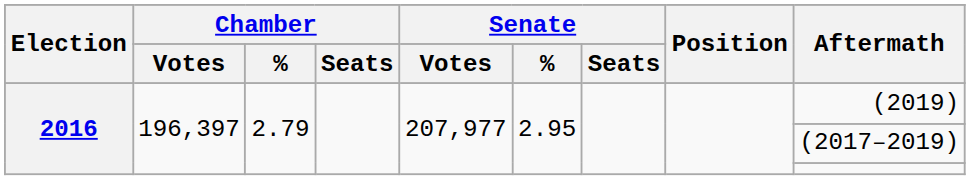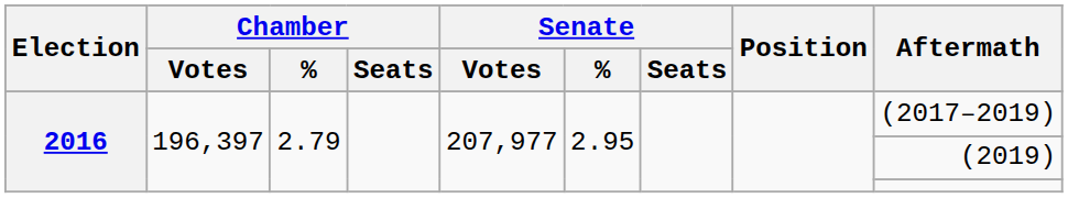 <table class="wikitable" style="text-align: right;">
 <tr>
 <th rowspan="2">Election</th>
 <th colspan="3"><a href='#'>Chamber</a></th>
 <th colspan="3"><a href='#'>Senate</a></th>
 <th rowspan="2">Position</th>
 <th rowspan="2">Aftermath</th>
 </tr>
 <tr>
 <th>Votes</th>
 <th>%</th>
 <th>Seats</th>
 <th>Votes</th>
 <th>%</th>
 <th>Seats</th>
 </tr>
 <tr>
 <th rowspan=3><a href='#'>2016</a></th>
 <td rowspan=3>196,397</td>
 <td rowspan=3>2.79</td>
 <td rowspan=3></td>
 <td rowspan=3>207,977</td>
 <td rowspan=3>2.95</td>
 <td rowspan=3></td>
 <td rowspan=3; style="text-align: center;"></td>
-<td> (2019)</td>
+<td> (2017–2019)</td>
 </tr>
 <tr>
-<td> (2017–2019)</td>
+<td> (2019)</td>
 </tr>
 <tr>
 <td></td>
 </tr>
 </table>
